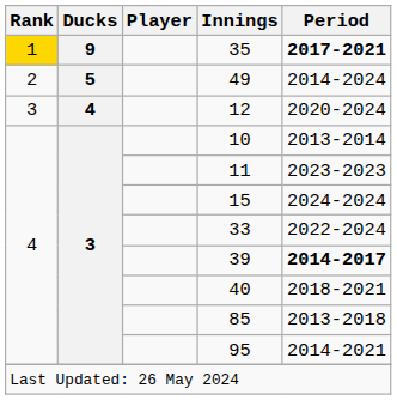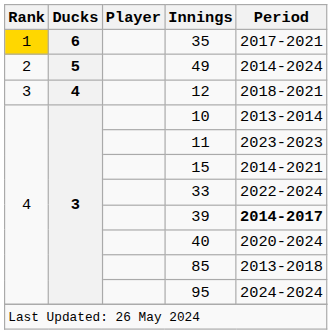 <table class="wikitable">
 <tr>
 <th style="text-align:center;">Rank</th>
 <th style="text-align:center;">Ducks</th>
 <th style="text-align:center;">Player</th>
 <th style="text-align:center;">Innings</th>
 <th style="text-align:center;">Period</th>
 </tr>
 <tr>
 <td align=center style="background: gold;">1</td>
-<th scope=row style=text-align:center;>9</th>
+<th scope=row style=text-align:center;>6</th>
 <td></td>
 <td align=center>35</td>
-<td><strong>2017-2021</strong></td>
+<td>2017-2021</td>
 </tr>
 <tr>
 <td align=center>2</td>
 <th scope=row style=text-align:center;>5</th>
 <td></td>
 <td align=center>49</td>
 <td>2014-2024</td>
 </tr>
 <tr>
 <td align=center>3</td>
 <th scope=row style=text-align:center;>4</th>
 <td></td>
 <td align=center>12</td>
-<td>2020-2024</td>
+<td>2018-2021</td>
 </tr>
 <tr>
 <td align=center rowspan=8>4</td>
 <th scope=row style=text-align:center; rowspan=8>3</th>
 <td></td>
 <td align=center>10</td>
 <td>2013-2014</td>
 </tr>
 <tr>
 <td></td>
 <td align=center>11</td>
 <td>2023-2023</td>
 </tr>
 <tr>
 <td></td>
 <td align=center>15</td>
-<td>2024-2024</td>
+<td>2014-2021</td>
 </tr>
 <tr>
 <td></td>
 <td align=center>33</td>
 <td>2022-2024</td>
 </tr>
 <tr>
 <td></td>
 <td align=center>39</td>
 <td><strong>2014-2017</strong></td>
 </tr>
 <tr>
 <td></td>
 <td align=center>40</td>
-<td>2018-2021</td>
+<td>2020-2024</td>
 </tr>
 <tr>
 <td></td>
 <td align=center>85</td>
 <td>2013-2018</td>
 </tr>
 <tr>
 <td></td>
 <td align=center>95</td>
-<td>2014-2021</td>
+<td>2024-2024</td>
 </tr>
 <tr>
 </tr>
 <tr class=sortbottom>
 <td colspan=6><small>Last Updated: 26 May 2024</small></td>
 </tr>
 </table>
